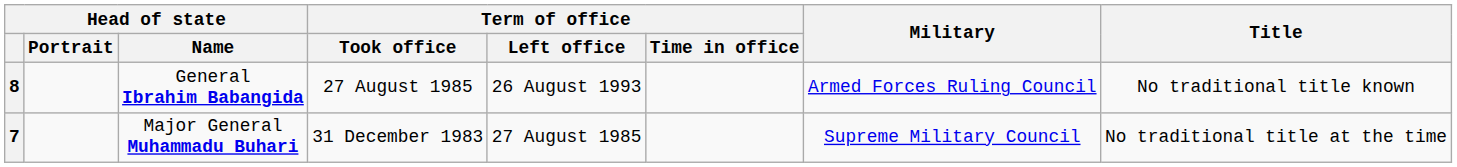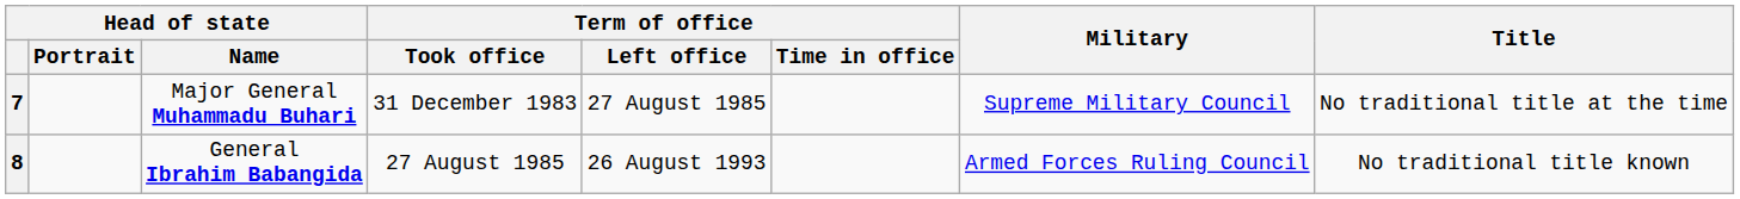 <table class="wikitable" style="text-align:center">
 <tr>
 <th colspan=3>Head of state</th>
 <th colspan=3>Term of office</th>
 <th rowspan=2>Military</th>
 <th rowspan=2>Title</th>
 </tr>
 <tr>
 <th></th>
 <th>Portrait</th>
 <th>Name<br></th>
 <th>Took office</th>
 <th>Left office</th>
 <th>Time in office</th>
 </tr>
 <tr>
+<th style="background:">7</th>
+<td></td>
+<td>Major General<br><strong><a href='#'>Muhammadu Buhari</a></strong><br></td>
+<td>31 December 1983</td>
+<td>27 August 1985<br></td>
+<td></td>
+<td><a href='#'>Supreme Military Council</a></td>
+<td>No traditional title at the time</td>
+</tr>
+<tr>
 <th style="background:">8</th>
 <td></td>
 <td>General<br><strong><a href='#'>Ibrahim Babangida</a></strong><br></td>
 <td>27 August 1985</td>
 <td>26 August 1993<br></td>
 <td></td>
 <td><a href='#'>Armed Forces Ruling Council</a></td>
 <td>No traditional title known</td>
 </tr>
-<tr>
-<th style="background:">7</th>
-<td></td>
-<td>Major General<br><strong><a href='#'>Muhammadu Buhari</a></strong><br></td>
-<td>31 December 1983</td>
-<td>27 August 1985<br></td>
-<td></td>
-<td><a href='#'>Supreme Military Council</a></td>
-<td>No traditional title at the time</td>
-</tr>
 </table>
